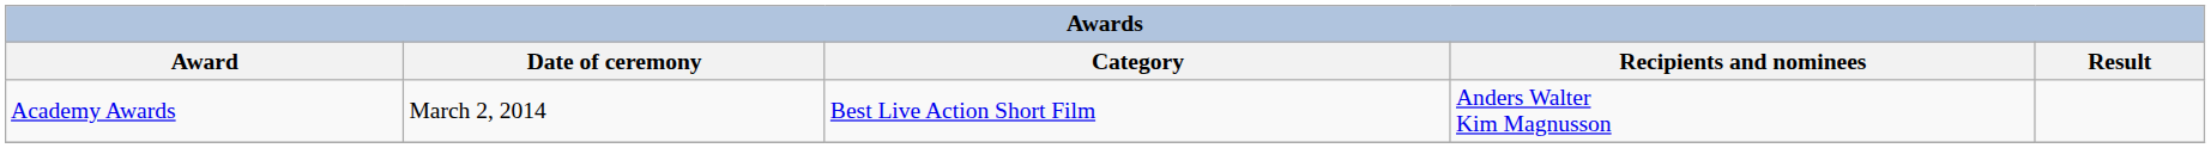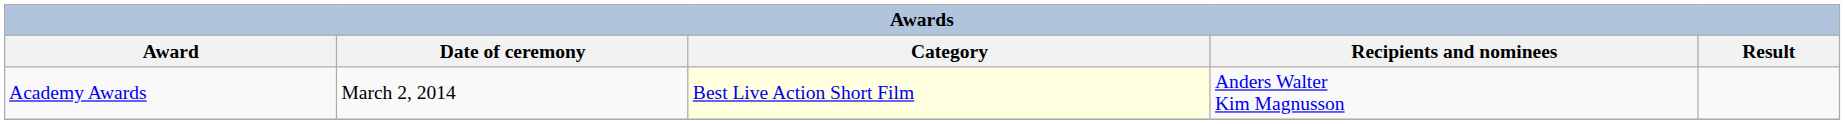 <table class="wikitable" width="95%">
 <tr>
 <th colspan="5" style="background: LightSteelBlue;">Awards</th>
 </tr>
 <tr>
 <th>Award</th>
 <th>Date of ceremony</th>
 <th>Category</th>
 <th>Recipients and nominees</th>
 <th>Result</th>
 </tr>
 <tr>
 <td><a href='#'>Academy Awards</a></td>
 <td>March 2, 2014</td>
-<td><a href='#'>Best Live Action Short Film</a></td>
+<td style="background: lightyellow;"><a href='#'>Best Live Action Short Film</a></td>
 <td><a href='#'>Anders Walter</a><br><a href='#'>Kim Magnusson</a></td>
 <td></td>
 </tr>
 <tr>
 </tr>
 </table>
